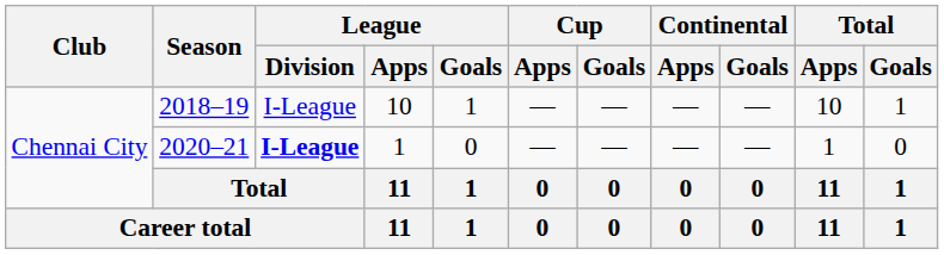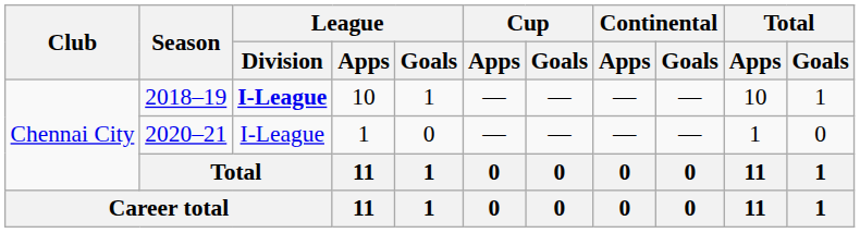 <table class=wikitable style=text-align:center>
 <tr>
 <th rowspan=2>Club</th>
 <th rowspan=2>Season</th>
 <th colspan=3>League</th>
 <th colspan=2>Cup</th>
 <th colspan=2>Continental</th>
 <th colspan=2>Total</th>
 </tr>
 <tr>
 <th>Division</th>
 <th>Apps</th>
 <th>Goals</th>
 <th>Apps</th>
 <th>Goals</th>
 <th>Apps</th>
 <th>Goals</th>
 <th>Apps</th>
 <th>Goals</th>
 </tr>
 <tr>
 <td rowspan=3><a href='#'>Chennai City</a></td>
 <td><a href='#'>2018–19</a></td>
-<td><a href='#'>I-League</a></td>
+<td><strong><a href='#'>I-League</a></strong></td>
 <td>10</td>
 <td>1</td>
 <td>—</td>
 <td>—</td>
 <td>—</td>
 <td>—</td>
 <td>10</td>
 <td>1</td>
 </tr>
 <tr>
 <td><a href='#'>2020–21</a></td>
-<td><strong><a href='#'>I-League</a></strong></td>
+<td><a href='#'>I-League</a></td>
 <td>1</td>
 <td>0</td>
 <td>—</td>
 <td>—</td>
 <td>—</td>
 <td>—</td>
 <td>1</td>
 <td>0</td>
 </tr>
 <tr>
 <th colspan=2>Total</th>
 <th>11</th>
 <th>1</th>
 <th>0</th>
 <th>0</th>
 <th>0</th>
 <th>0</th>
 <th>11</th>
 <th>1</th>
 </tr>
 <tr>
 <th colspan=3>Career total</th>
 <th>11</th>
 <th>1</th>
 <th>0</th>
 <th>0</th>
 <th>0</th>
 <th>0</th>
 <th>11</th>
 <th>1</th>
 </tr>
 </table>
